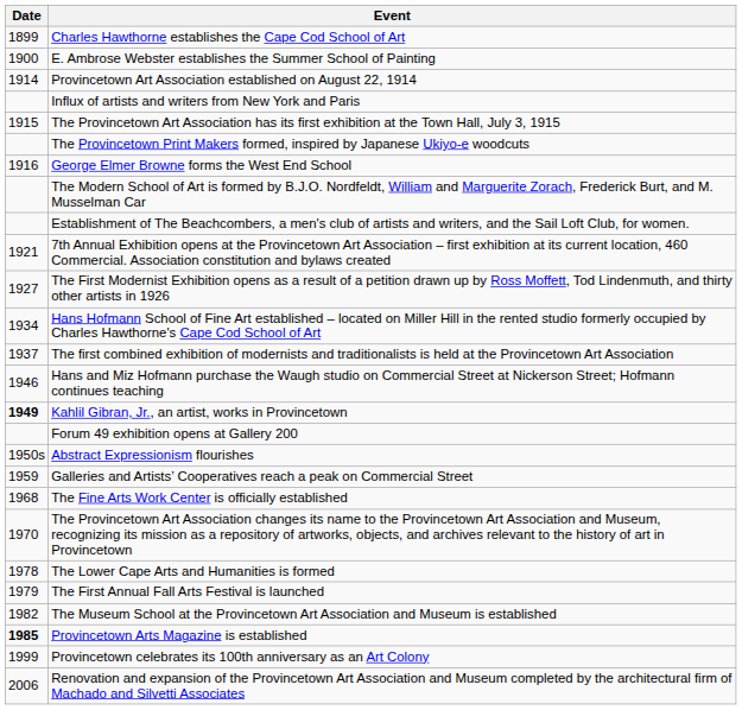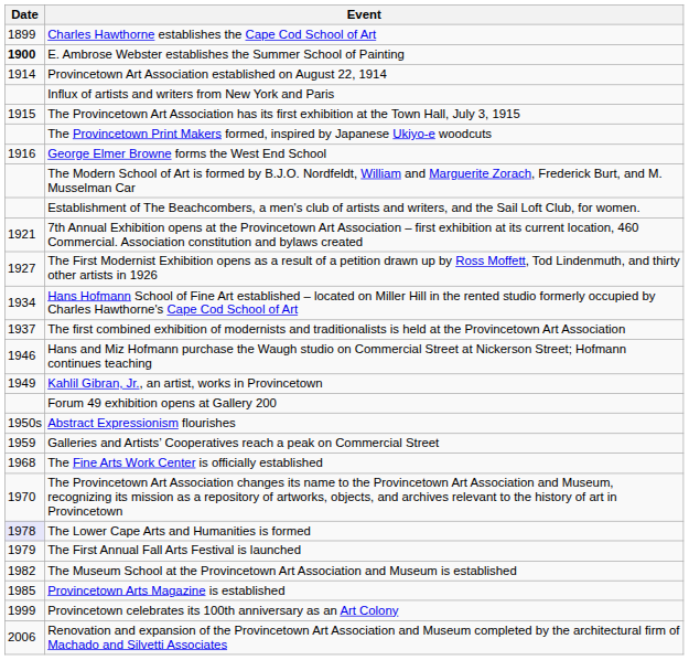 <table class="wikitable">
 <tr>
 <th>Date</th>
 <th>Event</th>
 </tr>
 <tr>
 <td>1899</td>
 <td><a href='#'>Charles Hawthorne</a> establishes the <a href='#'>Cape Cod School of Art</a></td>
 </tr>
 <tr>
-<td>1900</td>
+<td><strong>1900</strong></td>
 <td>E. Ambrose Webster establishes the Summer School of Painting</td>
 </tr>
 <tr>
 <td>1914</td>
 <td>Provincetown Art Association established on August 22, 1914</td>
 </tr>
 <tr>
 <td></td>
 <td>Influx of artists and writers from New York and Paris</td>
 </tr>
 <tr>
 <td>1915</td>
 <td>The Provincetown Art Association has its first exhibition at the Town Hall, July 3, 1915</td>
 </tr>
 <tr>
 <td></td>
 <td>The <a href='#'>Provincetown Print Makers</a> formed, inspired by Japanese <a href='#'>Ukiyo-e</a> woodcuts</td>
 </tr>
 <tr>
 <td>1916</td>
 <td><a href='#'>George Elmer Browne</a> forms the West End School</td>
 </tr>
 <tr>
 <td></td>
 <td>The Modern School of Art is formed by B.J.O. Nordfeldt, <a href='#'>William</a> and <a href='#'>Marguerite Zorach</a>, Frederick Burt, and M. Musselman Car</td>
 </tr>
 <tr>
 <td></td>
 <td>Establishment of The Beachcombers, a men's club of artists and writers, and the Sail Loft Club, for women.</td>
 </tr>
 <tr>
 <td>1921</td>
 <td>7th Annual Exhibition opens at the Provincetown Art Association – first exhibition at its current location, 460 Commercial. Association constitution and bylaws created</td>
 </tr>
 <tr>
 <td>1927</td>
 <td>The First Modernist Exhibition opens as a result of a petition drawn up by <a href='#'>Ross Moffett</a>, Tod Lindenmuth, and thirty other artists in 1926</td>
 </tr>
 <tr>
 <td>1934</td>
 <td><a href='#'>Hans Hofmann</a> School of Fine Art established – located on Miller Hill in the rented studio formerly occupied by Charles Hawthorne's <a href='#'>Cape Cod School of Art</a></td>
 </tr>
 <tr>
 <td>1937</td>
 <td>The first combined exhibition of modernists and traditionalists is held at the Provincetown Art Association</td>
 </tr>
 <tr>
 <td>1946</td>
 <td>Hans and Miz Hofmann purchase the Waugh studio on Commercial Street at Nickerson Street; Hofmann continues teaching</td>
 </tr>
 <tr>
-<td><strong>1949</strong></td>
+<td>1949</td>
 <td><a href='#'>Kahlil Gibran, Jr.</a>, an artist, works in Provincetown</td>
 </tr>
 <tr>
 <td></td>
 <td>Forum 49 exhibition opens at Gallery 200</td>
 </tr>
 <tr>
 <td>1950s</td>
 <td><a href='#'>Abstract Expressionism</a> flourishes</td>
 </tr>
 <tr>
 <td>1959</td>
 <td>Galleries and Artists’ Cooperatives reach a peak on Commercial Street</td>
 </tr>
 <tr>
 <td>1968</td>
 <td>The <a href='#'>Fine Arts Work Center</a> is officially established</td>
 </tr>
 <tr>
 <td>1970</td>
 <td>The Provincetown Art Association changes its name to the Provincetown Art Association and Museum, recognizing its mission as a repository of artworks, objects, and archives relevant to the history of art in Provincetown</td>
 </tr>
 <tr>
-<td>1978</td>
+<td style="background: lavender;">1978</td>
 <td>The Lower Cape Arts and Humanities is formed</td>
 </tr>
 <tr>
 <td>1979</td>
 <td>The First Annual Fall Arts Festival is launched</td>
 </tr>
 <tr>
 <td>1982</td>
 <td>The Museum School at the Provincetown Art Association and Museum is established</td>
 </tr>
 <tr>
-<td><strong>1985</strong></td>
+<td>1985</td>
 <td><a href='#'>Provincetown Arts Magazine</a> is established</td>
 </tr>
 <tr>
 <td>1999</td>
 <td>Provincetown celebrates its 100th anniversary as an <a href='#'>Art Colony</a></td>
 </tr>
 <tr>
 <td>2006</td>
 <td>Renovation and expansion of the Provincetown Art Association and Museum completed by the architectural firm of <a href='#'>Machado and Silvetti Associates</a></td>
 </tr>
 </table>
